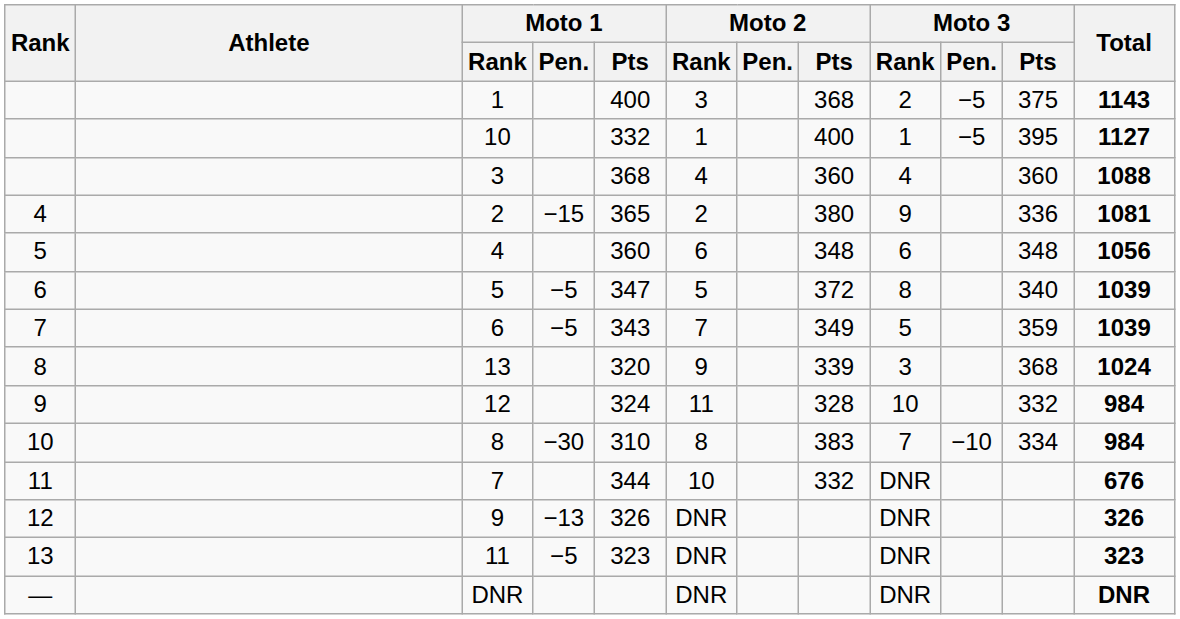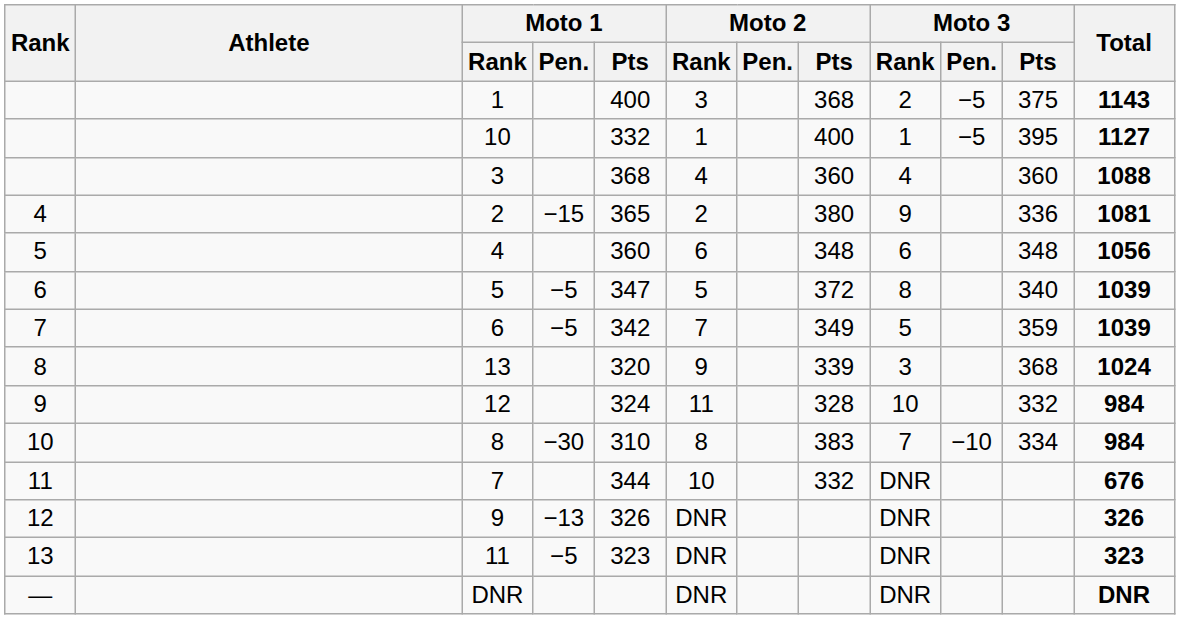 <table class=wikitable style="text-align:center">
 <tr>
 <th width=40 rowspan=2>Rank</th>
 <th width=250 rowspan=2>Athlete</th>
 <th colspan=3>Moto 1</th>
 <th colspan=3>Moto 2</th>
 <th colspan=3>Moto 3</th>
 <th width=60 rowspan=2>Total</th>
 </tr>
 <tr>
 <th width=40>Rank</th>
 <th width=30>Pen.</th>
 <th width=40>Pts</th>
 <th width=40>Rank</th>
 <th width=30>Pen.</th>
 <th width=40>Pts</th>
 <th width=40>Rank</th>
 <th width=30>Pen.</th>
 <th width=40>Pts</th>
 </tr>
 <tr>
 <td></td>
 <td align=left></td>
 <td>1</td>
 <td></td>
 <td>400</td>
 <td>3</td>
 <td></td>
 <td>368</td>
 <td>2</td>
 <td>−5</td>
 <td>375</td>
 <td><strong>1143</strong></td>
 </tr>
 <tr>
 <td></td>
 <td align=left></td>
 <td>10</td>
 <td></td>
 <td>332</td>
 <td>1</td>
 <td></td>
 <td>400</td>
 <td>1</td>
 <td>−5</td>
 <td>395</td>
 <td><strong>1127</strong></td>
 </tr>
 <tr>
 <td></td>
 <td align=left></td>
 <td>3</td>
 <td></td>
 <td>368</td>
 <td>4</td>
 <td></td>
 <td>360</td>
 <td>4</td>
 <td></td>
 <td>360</td>
 <td><strong>1088</strong></td>
 </tr>
 <tr>
 <td>4</td>
 <td align=left></td>
 <td>2</td>
 <td>−15</td>
 <td>365</td>
 <td>2</td>
 <td></td>
 <td>380</td>
 <td>9</td>
 <td></td>
 <td>336</td>
 <td><strong>1081</strong></td>
 </tr>
 <tr>
 <td>5</td>
 <td align=left></td>
 <td>4</td>
 <td></td>
 <td>360</td>
 <td>6</td>
 <td></td>
 <td>348</td>
 <td>6</td>
 <td></td>
 <td>348</td>
 <td><strong>1056</strong></td>
 </tr>
 <tr>
 <td>6</td>
 <td align=left></td>
 <td>5</td>
 <td>−5</td>
 <td>347</td>
 <td>5</td>
 <td></td>
 <td>372</td>
 <td>8</td>
 <td></td>
 <td>340</td>
 <td><strong>1039</strong></td>
 </tr>
 <tr>
 <td>7</td>
 <td align=left></td>
 <td>6</td>
 <td>−5</td>
-<td>343</td>
+<td>342</td>
 <td>7</td>
 <td></td>
 <td>349</td>
 <td>5</td>
 <td></td>
 <td>359</td>
 <td><strong>1039</strong></td>
 </tr>
 <tr>
 <td>8</td>
 <td align=left></td>
 <td>13</td>
 <td></td>
 <td>320</td>
 <td>9</td>
 <td></td>
 <td>339</td>
 <td>3</td>
 <td></td>
 <td>368</td>
 <td><strong>1024</strong></td>
 </tr>
 <tr>
 <td>9</td>
 <td align=left></td>
 <td>12</td>
 <td></td>
 <td>324</td>
 <td>11</td>
 <td></td>
 <td>328</td>
 <td>10</td>
 <td></td>
 <td>332</td>
 <td><strong>984</strong></td>
 </tr>
 <tr>
 <td>10</td>
 <td align=left></td>
 <td>8</td>
 <td>−30</td>
 <td>310</td>
 <td>8</td>
 <td></td>
 <td>383</td>
 <td>7</td>
 <td>−10</td>
 <td>334</td>
 <td><strong>984</strong></td>
 </tr>
 <tr>
 <td>11</td>
 <td align=left></td>
 <td>7</td>
 <td></td>
 <td>344</td>
 <td>10</td>
 <td></td>
 <td>332</td>
 <td>DNR</td>
 <td></td>
 <td></td>
 <td><strong>676</strong></td>
 </tr>
 <tr>
 <td>12</td>
 <td align=left></td>
 <td>9</td>
 <td>−13</td>
 <td>326</td>
 <td>DNR</td>
 <td></td>
 <td></td>
 <td>DNR</td>
 <td></td>
 <td></td>
 <td><strong>326</strong></td>
 </tr>
 <tr>
 <td>13</td>
 <td align=left></td>
 <td>11</td>
 <td>−5</td>
 <td>323</td>
 <td>DNR</td>
 <td></td>
 <td></td>
 <td>DNR</td>
 <td></td>
 <td></td>
 <td><strong>323</strong></td>
 </tr>
 <tr>
 <td>—</td>
 <td align=left></td>
 <td>DNR</td>
 <td></td>
 <td></td>
 <td>DNR</td>
 <td></td>
 <td></td>
 <td>DNR</td>
 <td></td>
 <td></td>
 <td><strong>DNR</strong></td>
 </tr>
 </table>
